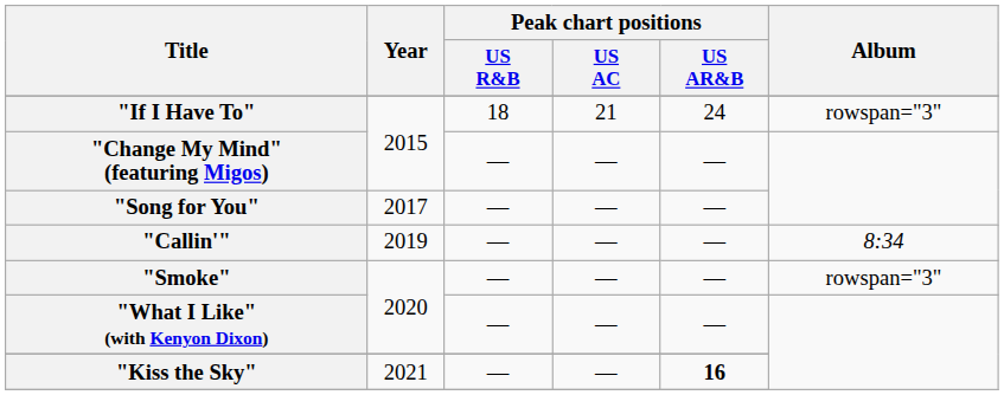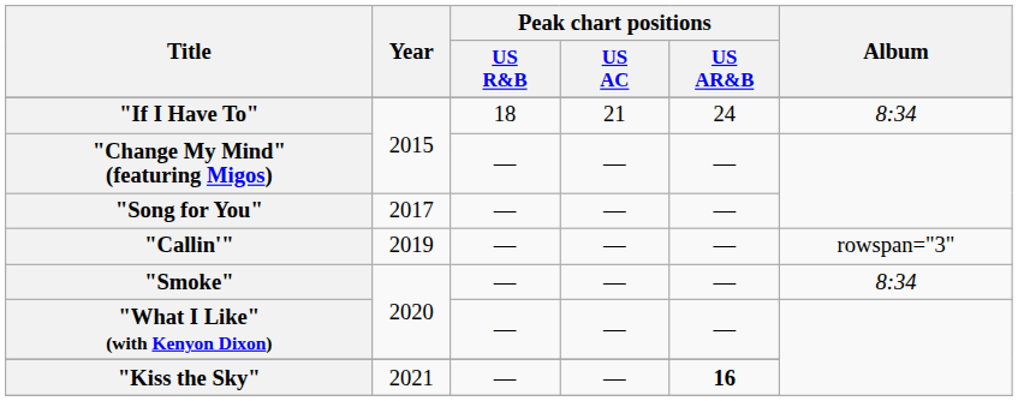 <table class="wikitable plainrowheaders" style="text-align: center;" border="1">
 <tr>
 <th scope="col" rowspan="2" style="width:16em;">Title</th>
 <th scope="col" rowspan="2" style="width:3em;">Year</th>
 <th scope="col" colspan="3">Peak chart positions</th>
 <th scope="col" rowspan="2" style="width:10em;">Album</th>
 </tr>
 <tr>
 <th style="width:5em; font-size:90%;"><a href='#'>US<br>R&B</a><br></th>
 <th style="width:5em; font-size:90%;"><a href='#'>US<br>AC</a><br></th>
 <th style="width:5em; font-size:90%;"><a href='#'>US<br>AR&B</a><br></th>
 </tr>
 <tr>
 </tr>
 <tr>
 <th scope="row">"If I Have To"</th>
 <td rowspan="2">2015</td>
 <td>18</td>
 <td>21</td>
 <td>24</td>
-<td>rowspan="3" </td>
+<td><em>8:34</em></td>
 </tr>
 <tr>
 <th scope="row">"Change My Mind" <br> (featuring <a href='#'>Migos</a>)</th>
 <td>—</td>
 <td>—</td>
 <td>—</td>
 </tr>
 <tr>
 <th scope="row">"Song for You"</th>
 <td>2017</td>
 <td>—</td>
 <td>—</td>
 <td>—</td>
 </tr>
 <tr>
 <th scope="row">"Callin'"</th>
 <td>2019</td>
 <td>—</td>
 <td>—</td>
 <td>—</td>
-<td><em>8:34</em></td>
+<td>rowspan="3" </td>
 </tr>
 <tr>
 <th scope="row">"Smoke"</th>
 <td rowspan="2">2020</td>
 <td>—</td>
 <td>—</td>
 <td>—</td>
-<td>rowspan="3" </td>
+<td><em>8:34</em></td>
 </tr>
 <tr>
 <th scope="row">"What I Like" <br><small>(with <a href='#'>Kenyon Dixon</a>)</small></th>
 <td>—</td>
 <td>—</td>
 <td>—</td>
 </tr>
 <tr | rowspan="2" >
 </tr>
 <tr>
 <th scope="row">"Kiss the Sky"</th>
 <td rowspan="1">2021</td>
 <td>—</td>
 <td>—</td>
 <td><strong>16</strong></td>
 </tr>
 <tr>
 </tr>
 </table>
